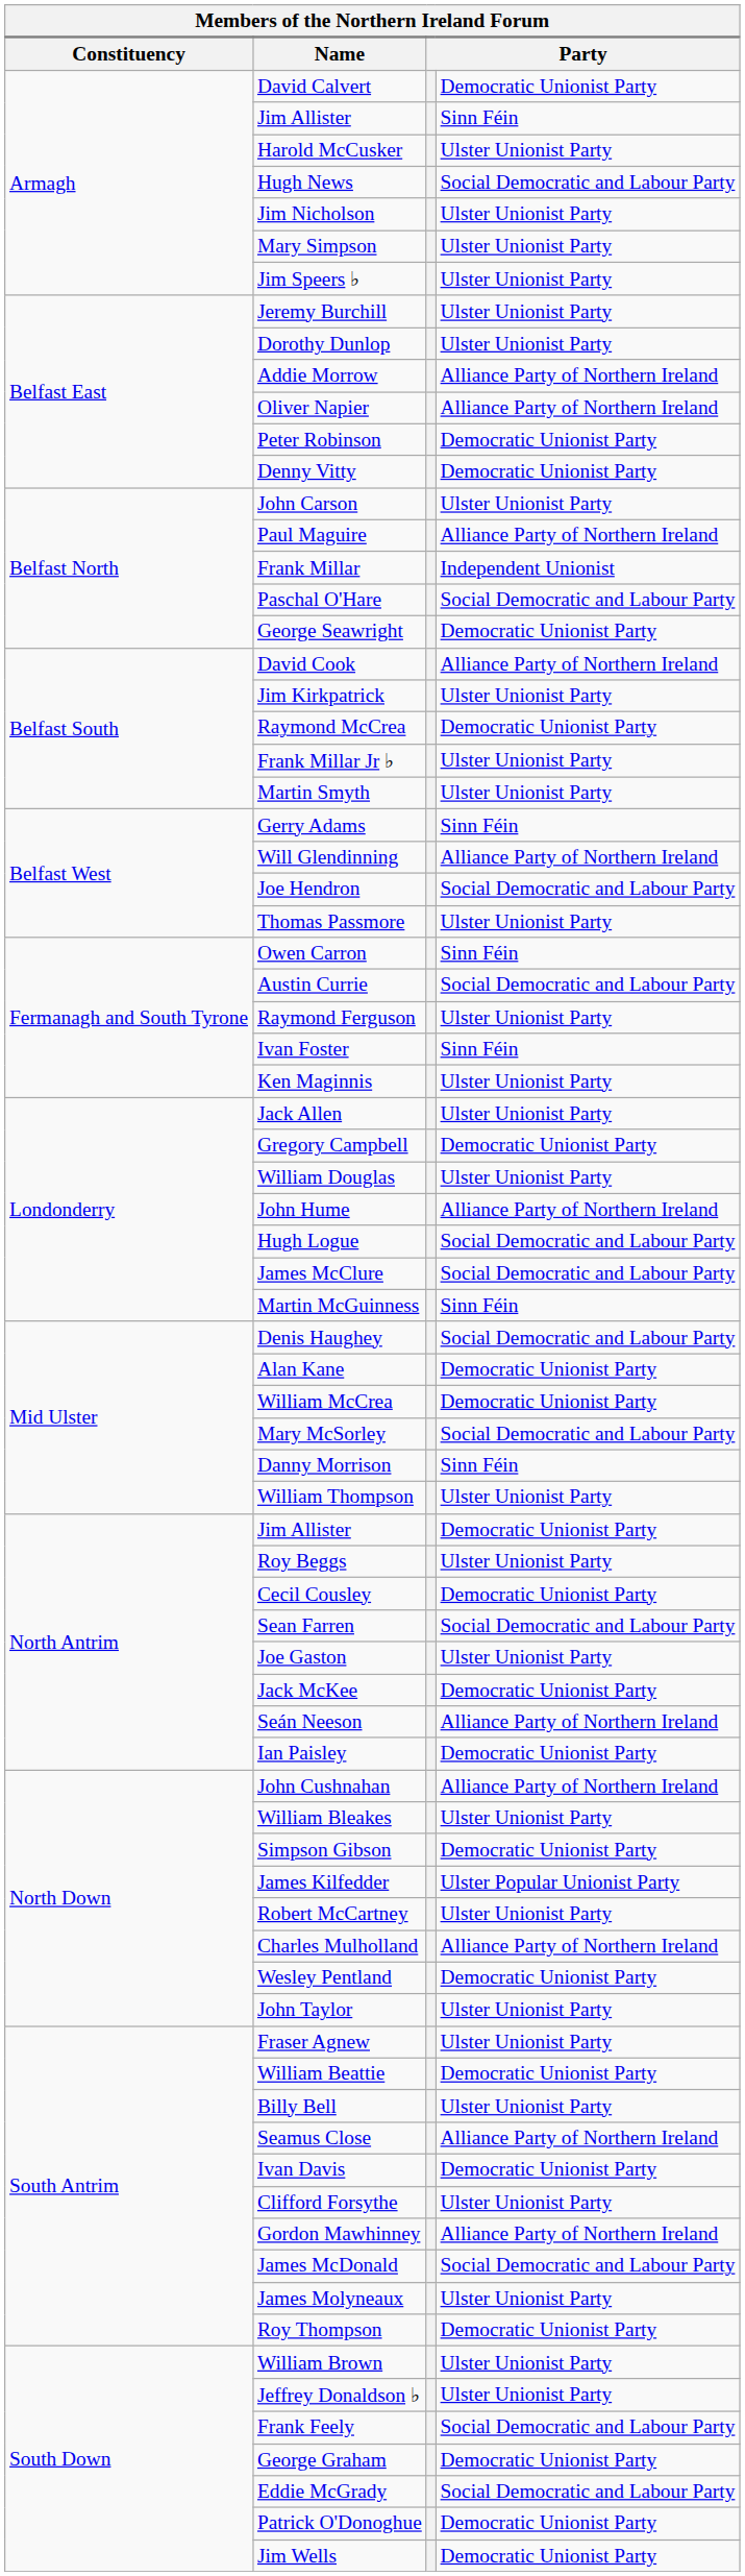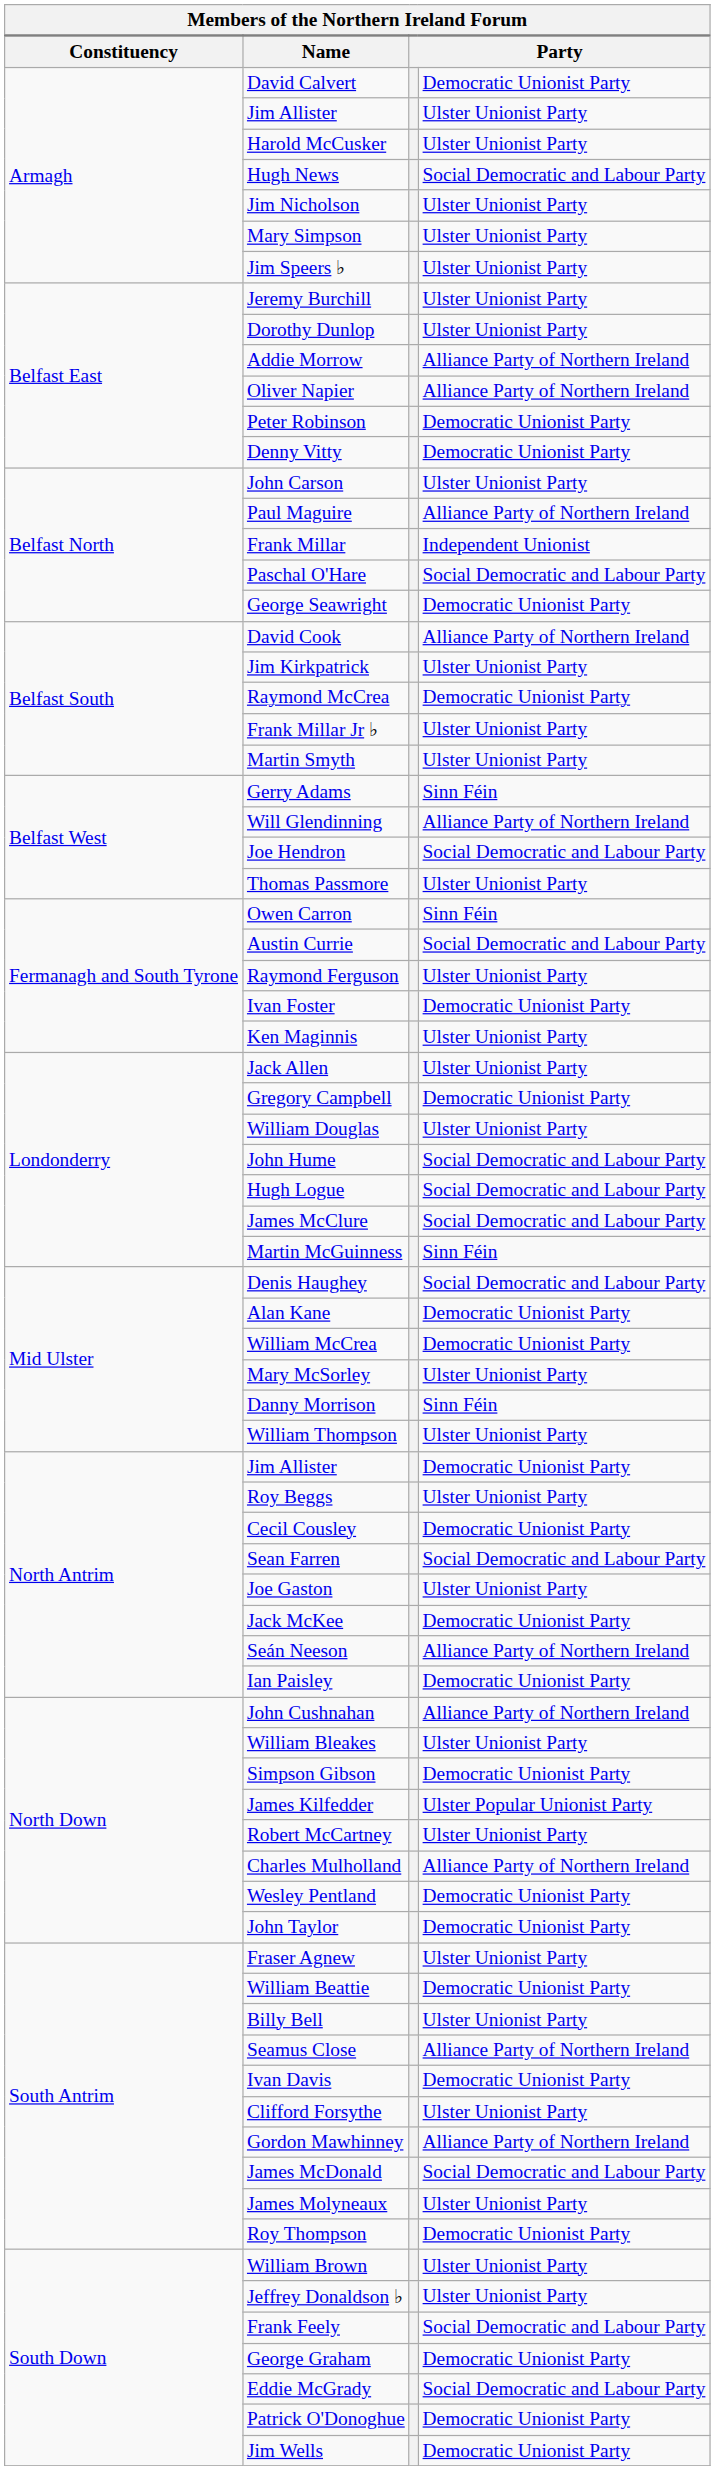 <table class="wikitable">
 <tr style="border-bottom: 2px solid gray;">
 <th colspan=4>Members of the Northern Ireland Forum</th>
 </tr>
 <tr>
 <th align=center>Constituency</th>
 <th align=center>Name</th>
 <th style="text-align:center;" colspan="2">Party</th>
 </tr>
 <tr>
 <td rowspan="7"><a href='#'>Armagh</a></td>
 <td><a href='#'>David Calvert</a></td>
 <th style="background-color: "></th>
 <td><a href='#'>Democratic Unionist Party</a></td>
 </tr>
 <tr>
 <td><a href='#'>Jim Allister</a></td>
 <th style="background-color: "></th>
-<td><a href='#'>Sinn Féin</a></td>
+<td><a href='#'>Ulster Unionist Party</a></td>
 </tr>
 <tr>
 <td><a href='#'>Harold McCusker</a></td>
 <th style="background-color: "></th>
 <td><a href='#'>Ulster Unionist Party</a></td>
 </tr>
 <tr>
 <td><a href='#'>Hugh News</a></td>
 <th style="background-color: "></th>
 <td><a href='#'>Social Democratic and Labour Party</a></td>
 </tr>
 <tr>
 <td><a href='#'>Jim Nicholson</a></td>
 <th style="background-color: "></th>
 <td><a href='#'>Ulster Unionist Party</a></td>
 </tr>
 <tr>
 <td><a href='#'>Mary Simpson</a></td>
 <th style="background-color: "></th>
 <td><a href='#'>Ulster Unionist Party</a></td>
 </tr>
 <tr>
 <td><a href='#'>Jim Speers</a> ♭</td>
 <th style="background-color: "></th>
 <td><a href='#'>Ulster Unionist Party</a></td>
 </tr>
 <tr>
 <td rowspan="6"><a href='#'>Belfast East</a></td>
 <td><a href='#'>Jeremy Burchill</a></td>
 <th style="background-color: "></th>
 <td><a href='#'>Ulster Unionist Party</a></td>
 </tr>
 <tr>
 <td><a href='#'>Dorothy Dunlop</a></td>
 <th style="background-color: "></th>
 <td><a href='#'>Ulster Unionist Party</a></td>
 </tr>
 <tr>
 <td><a href='#'>Addie Morrow</a></td>
 <th style="background-color: "></th>
 <td><a href='#'>Alliance Party of Northern Ireland</a></td>
 </tr>
 <tr>
 <td><a href='#'>Oliver Napier</a></td>
 <th style="background-color: "></th>
 <td><a href='#'>Alliance Party of Northern Ireland</a></td>
 </tr>
 <tr>
 <td><a href='#'>Peter Robinson</a></td>
 <th style="background-color: "></th>
 <td><a href='#'>Democratic Unionist Party</a></td>
 </tr>
 <tr>
 <td><a href='#'>Denny Vitty</a></td>
 <th style="background-color: "></th>
 <td><a href='#'>Democratic Unionist Party</a></td>
 </tr>
 <tr>
 <td rowspan="5"><a href='#'>Belfast North</a></td>
 <td><a href='#'>John Carson</a></td>
 <th style="background-color: "></th>
 <td><a href='#'>Ulster Unionist Party</a></td>
 </tr>
 <tr>
 <td><a href='#'>Paul Maguire</a></td>
 <th style="background-color: "></th>
 <td><a href='#'>Alliance Party of Northern Ireland</a></td>
 </tr>
 <tr>
 <td><a href='#'>Frank Millar</a></td>
 <th style="background-color: "></th>
 <td><a href='#'>Independent Unionist</a></td>
 </tr>
 <tr>
 <td><a href='#'>Paschal O'Hare</a></td>
 <th style="background-color: "></th>
 <td><a href='#'>Social Democratic and Labour Party</a></td>
 </tr>
 <tr>
 <td><a href='#'>George Seawright</a></td>
 <th style="background-color: "></th>
 <td><a href='#'>Democratic Unionist Party</a></td>
 </tr>
 <tr>
 <td rowspan="5"><a href='#'>Belfast South</a></td>
 <td><a href='#'>David Cook</a></td>
 <th style="background-color: "></th>
 <td><a href='#'>Alliance Party of Northern Ireland</a></td>
 </tr>
 <tr>
 <td><a href='#'>Jim Kirkpatrick</a></td>
 <th style="background-color: "></th>
 <td><a href='#'>Ulster Unionist Party</a></td>
 </tr>
 <tr>
 <td><a href='#'>Raymond McCrea</a></td>
 <th style="background-color: "></th>
 <td><a href='#'>Democratic Unionist Party</a></td>
 </tr>
 <tr>
 <td><a href='#'>Frank Millar Jr</a> ♭</td>
 <th style="background-color: "></th>
 <td><a href='#'>Ulster Unionist Party</a></td>
 </tr>
 <tr>
 <td><a href='#'>Martin Smyth</a></td>
 <th style="background-color: "></th>
 <td><a href='#'>Ulster Unionist Party</a></td>
 </tr>
 <tr>
 <td rowspan="4"><a href='#'>Belfast West</a></td>
 <td><a href='#'>Gerry Adams</a></td>
 <th style="background-color: "></th>
 <td><a href='#'>Sinn Féin</a></td>
 </tr>
 <tr>
 <td><a href='#'>Will Glendinning</a></td>
 <th style="background-color: "></th>
 <td><a href='#'>Alliance Party of Northern Ireland</a></td>
 </tr>
 <tr>
 <td><a href='#'>Joe Hendron</a></td>
 <th style="background-color: "></th>
 <td><a href='#'>Social Democratic and Labour Party</a></td>
 </tr>
 <tr>
 <td><a href='#'>Thomas Passmore</a></td>
 <th style="background-color: "></th>
 <td><a href='#'>Ulster Unionist Party</a></td>
 </tr>
 <tr>
 <td rowspan="5"><a href='#'>Fermanagh and South Tyrone</a></td>
 <td><a href='#'>Owen Carron</a></td>
 <th style="background-color: "></th>
 <td><a href='#'>Sinn Féin</a></td>
 </tr>
 <tr>
 <td><a href='#'>Austin Currie</a></td>
 <th style="background-color: "></th>
 <td><a href='#'>Social Democratic and Labour Party</a></td>
 </tr>
 <tr>
 <td><a href='#'>Raymond Ferguson</a></td>
 <th style="background-color: "></th>
 <td><a href='#'>Ulster Unionist Party</a></td>
 </tr>
 <tr>
 <td><a href='#'>Ivan Foster</a></td>
 <th style="background-color: "></th>
-<td><a href='#'>Sinn Féin</a></td>
+<td><a href='#'>Democratic Unionist Party</a></td>
 </tr>
 <tr>
 <td><a href='#'>Ken Maginnis</a></td>
 <th style="background-color: "></th>
 <td><a href='#'>Ulster Unionist Party</a></td>
 </tr>
 <tr>
 <td rowspan="7"><a href='#'>Londonderry</a></td>
 <td><a href='#'>Jack Allen</a></td>
 <th style="background-color: "></th>
 <td><a href='#'>Ulster Unionist Party</a></td>
 </tr>
 <tr>
 <td><a href='#'>Gregory Campbell</a></td>
 <th style="background-color: "></th>
 <td><a href='#'>Democratic Unionist Party</a></td>
 </tr>
 <tr>
 <td><a href='#'>William Douglas</a></td>
 <th style="background-color: "></th>
 <td><a href='#'>Ulster Unionist Party</a></td>
 </tr>
 <tr>
 <td><a href='#'>John Hume</a></td>
 <th style="background-color: "></th>
-<td><a href='#'>Alliance Party of Northern Ireland</a></td>
+<td><a href='#'>Social Democratic and Labour Party</a></td>
 </tr>
 <tr>
 <td><a href='#'>Hugh Logue</a></td>
 <th style="background-color: "></th>
 <td><a href='#'>Social Democratic and Labour Party</a></td>
 </tr>
 <tr>
 <td><a href='#'>James McClure</a></td>
 <th style="background-color: "></th>
 <td><a href='#'>Social Democratic and Labour Party</a></td>
 </tr>
 <tr>
 <td><a href='#'>Martin McGuinness</a></td>
 <th style="background-color: "></th>
 <td><a href='#'>Sinn Féin</a></td>
 </tr>
 <tr>
 <td rowspan="6"><a href='#'>Mid Ulster</a></td>
 <td><a href='#'>Denis Haughey</a></td>
 <th style="background-color: "></th>
 <td><a href='#'>Social Democratic and Labour Party</a></td>
 </tr>
 <tr>
 <td><a href='#'>Alan Kane</a></td>
 <th style="background-color: "></th>
 <td><a href='#'>Democratic Unionist Party</a></td>
 </tr>
 <tr>
 <td><a href='#'>William McCrea</a></td>
 <th style="background-color: "></th>
 <td><a href='#'>Democratic Unionist Party</a></td>
 </tr>
 <tr>
 <td><a href='#'>Mary McSorley</a></td>
 <th style="background-color: "></th>
-<td><a href='#'>Social Democratic and Labour Party</a></td>
+<td><a href='#'>Ulster Unionist Party</a></td>
 </tr>
 <tr>
 <td><a href='#'>Danny Morrison</a></td>
 <th style="background-color: "></th>
 <td><a href='#'>Sinn Féin</a></td>
 </tr>
 <tr>
 <td><a href='#'>William Thompson</a></td>
 <th style="background-color: "></th>
 <td><a href='#'>Ulster Unionist Party</a></td>
 </tr>
 <tr>
 <td rowspan="8"><a href='#'>North Antrim</a></td>
 <td><a href='#'>Jim Allister</a></td>
 <th style="background-color: "></th>
 <td><a href='#'>Democratic Unionist Party</a></td>
 </tr>
 <tr>
 <td><a href='#'>Roy Beggs</a></td>
 <th style="background-color: "></th>
 <td><a href='#'>Ulster Unionist Party</a></td>
 </tr>
 <tr>
 <td><a href='#'>Cecil Cousley</a></td>
 <th style="background-color: "></th>
 <td><a href='#'>Democratic Unionist Party</a></td>
 </tr>
 <tr>
 <td><a href='#'>Sean Farren</a></td>
 <th style="background-color: "></th>
 <td><a href='#'>Social Democratic and Labour Party</a></td>
 </tr>
 <tr>
 <td><a href='#'>Joe Gaston</a></td>
 <th style="background-color: "></th>
 <td><a href='#'>Ulster Unionist Party</a></td>
 </tr>
 <tr>
 <td><a href='#'>Jack McKee</a></td>
 <th style="background-color: "></th>
 <td><a href='#'>Democratic Unionist Party</a></td>
 </tr>
 <tr>
 <td><a href='#'>Seán Neeson</a></td>
 <th style="background-color: "></th>
 <td><a href='#'>Alliance Party of Northern Ireland</a></td>
 </tr>
 <tr>
 <td><a href='#'>Ian Paisley</a></td>
 <th style="background-color: "></th>
 <td><a href='#'>Democratic Unionist Party</a></td>
 </tr>
 <tr>
 <td rowspan="8"><a href='#'>North Down</a></td>
 <td><a href='#'>John Cushnahan</a></td>
 <th style="background-color: "></th>
 <td><a href='#'>Alliance Party of Northern Ireland</a></td>
 </tr>
 <tr>
 <td><a href='#'>William Bleakes</a></td>
 <th style="background-color: "></th>
 <td><a href='#'>Ulster Unionist Party</a></td>
 </tr>
 <tr>
 <td><a href='#'>Simpson Gibson</a></td>
 <th style="background-color: "></th>
 <td><a href='#'>Democratic Unionist Party</a></td>
 </tr>
 <tr>
 <td><a href='#'>James Kilfedder</a></td>
 <th style="background-color: "></th>
 <td><a href='#'>Ulster Popular Unionist Party</a></td>
 </tr>
 <tr>
 <td><a href='#'>Robert McCartney</a></td>
 <th style="background-color: "></th>
 <td><a href='#'>Ulster Unionist Party</a></td>
 </tr>
 <tr>
 <td><a href='#'>Charles Mulholland</a></td>
 <th style="background-color: "></th>
 <td><a href='#'>Alliance Party of Northern Ireland</a></td>
 </tr>
 <tr>
 <td><a href='#'>Wesley Pentland</a></td>
 <th style="background-color: "></th>
 <td><a href='#'>Democratic Unionist Party</a></td>
 </tr>
 <tr>
 <td><a href='#'>John Taylor</a></td>
 <th style="background-color: "></th>
-<td><a href='#'>Ulster Unionist Party</a></td>
+<td><a href='#'>Democratic Unionist Party</a></td>
 </tr>
 <tr>
 <td rowspan="10"><a href='#'>South Antrim</a></td>
 <td><a href='#'>Fraser Agnew</a></td>
 <th style="background-color: "></th>
 <td><a href='#'>Ulster Unionist Party</a></td>
 </tr>
 <tr>
 <td><a href='#'>William Beattie</a></td>
 <th style="background-color: "></th>
 <td><a href='#'>Democratic Unionist Party</a></td>
 </tr>
 <tr>
 <td><a href='#'>Billy Bell</a></td>
 <th style="background-color: "></th>
 <td><a href='#'>Ulster Unionist Party</a></td>
 </tr>
 <tr>
 <td><a href='#'>Seamus Close</a></td>
 <th style="background-color: "></th>
 <td><a href='#'>Alliance Party of Northern Ireland</a></td>
 </tr>
 <tr>
 <td><a href='#'>Ivan Davis</a></td>
 <th style="background-color: "></th>
 <td><a href='#'>Democratic Unionist Party</a></td>
 </tr>
 <tr>
 <td><a href='#'>Clifford Forsythe</a></td>
 <th style="background-color: "></th>
 <td><a href='#'>Ulster Unionist Party</a></td>
 </tr>
 <tr>
 <td><a href='#'>Gordon Mawhinney</a></td>
 <th style="background-color: "></th>
 <td><a href='#'>Alliance Party of Northern Ireland</a></td>
 </tr>
 <tr>
 <td><a href='#'>James McDonald</a></td>
 <th style="background-color: "></th>
 <td><a href='#'>Social Democratic and Labour Party</a></td>
 </tr>
 <tr>
 <td><a href='#'>James Molyneaux</a></td>
 <th style="background-color: "></th>
 <td><a href='#'>Ulster Unionist Party</a></td>
 </tr>
 <tr>
 <td><a href='#'>Roy Thompson</a></td>
 <th style="background-color: "></th>
 <td><a href='#'>Democratic Unionist Party</a></td>
 </tr>
 <tr>
 <td rowspan="7"><a href='#'>South Down</a></td>
 <td><a href='#'>William Brown</a></td>
 <th style="background-color: "></th>
 <td><a href='#'>Ulster Unionist Party</a></td>
 </tr>
 <tr>
 <td><a href='#'>Jeffrey Donaldson</a> ♭</td>
 <th style="background-color: "></th>
 <td><a href='#'>Ulster Unionist Party</a></td>
 </tr>
 <tr>
 <td><a href='#'>Frank Feely</a></td>
 <th style="background-color: "></th>
 <td><a href='#'>Social Democratic and Labour Party</a></td>
 </tr>
 <tr>
 <td><a href='#'>George Graham</a></td>
 <th style="background-color: "></th>
 <td><a href='#'>Democratic Unionist Party</a></td>
 </tr>
 <tr>
 <td><a href='#'>Eddie McGrady</a></td>
 <th style="background-color: "></th>
 <td><a href='#'>Social Democratic and Labour Party</a></td>
 </tr>
 <tr>
 <td><a href='#'>Patrick O'Donoghue</a></td>
 <th style="background-color: "></th>
 <td><a href='#'>Democratic Unionist Party</a></td>
 </tr>
 <tr>
 <td><a href='#'>Jim Wells</a></td>
 <th style="background-color: "></th>
 <td><a href='#'>Democratic Unionist Party</a></td>
 </tr>
 </table>
